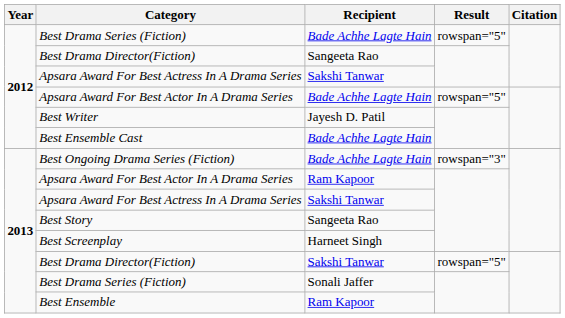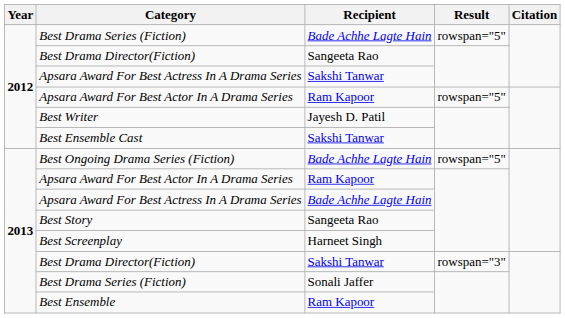 <table class="wikitable">
 <tr>
 <th>Year</th>
 <th>Category</th>
 <th>Recipient</th>
 <th>Result</th>
 <th>Citation</th>
 </tr>
 <tr>
 <td rowspan="6"><strong>2012</strong></td>
 <td><em>Best Drama Series (Fiction)</em></td>
 <td><em><a href='#'>Bade Achhe Lagte Hain</a></em></td>
 <td>rowspan="5" </td>
 <td rowspan="3"></td>
 </tr>
 <tr>
 <td><em>Best Drama Director(Fiction)</em></td>
 <td>Sangeeta Rao</td>
 </tr>
 <tr>
 <td><em>Apsara Award For Best Actress In A Drama Series</em></td>
 <td><a href='#'>Sakshi Tanwar</a></td>
 </tr>
 <tr>
 <td><em>Apsara Award For Best Actor In A Drama Series</em></td>
-<td><em><a href='#'>Bade Achhe Lagte Hain</a></em></td>
+<td><a href='#'>Ram Kapoor</a></td>
 <td>rowspan="5" </td>
 <td rowspan="3"></td>
 </tr>
 <tr>
 <td><em>Best Writer</em></td>
 <td>Jayesh D. Patil</td>
 </tr>
 <tr>
 <td><em>Best Ensemble Cast</em></td>
-<td><em><a href='#'>Bade Achhe Lagte Hain</a></em></td>
+<td><a href='#'>Sakshi Tanwar</a></td>
 </tr>
 <tr>
 <td rowspan="8"><strong>2013</strong></td>
 <td><em>Best Ongoing Drama Series (Fiction)</em></td>
 <td><em><a href='#'>Bade Achhe Lagte Hain</a></em></td>
-<td>rowspan="3" </td>
+<td>rowspan="5" </td>
 <td rowspan="5"></td>
 </tr>
 <tr>
 <td><em>Apsara Award For Best Actor In A Drama Series</em></td>
 <td><a href='#'>Ram Kapoor</a></td>
 </tr>
 <tr>
 <td><em>Apsara Award For Best Actress In A Drama Series</em></td>
-<td><a href='#'>Sakshi Tanwar</a></td>
+<td><em><a href='#'>Bade Achhe Lagte Hain</a></em></td>
 </tr>
 <tr>
 <td><em>Best Story</em></td>
 <td>Sangeeta Rao</td>
 </tr>
 <tr>
 <td><em>Best Screenplay</em></td>
 <td>Harneet Singh</td>
 </tr>
 <tr>
 <td><em>Best Drama Director(Fiction)</em></td>
 <td><a href='#'>Sakshi Tanwar</a></td>
-<td>rowspan="5" </td>
+<td>rowspan="3" </td>
 <td rowspan="3"></td>
 </tr>
 <tr>
 <td><em>Best Drama Series (Fiction)</em></td>
 <td>Sonali Jaffer</td>
 </tr>
 <tr>
 <td><em>Best Ensemble</em></td>
 <td><a href='#'>Ram Kapoor</a></td>
 </tr>
 </table>
